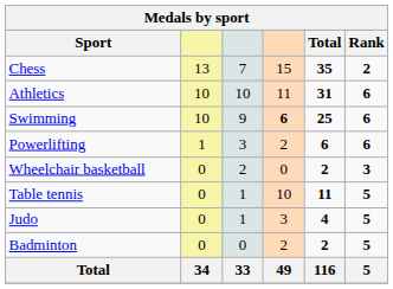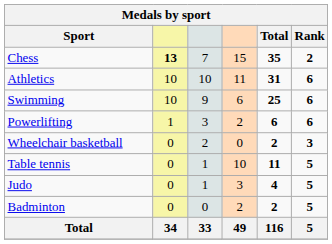 <table class="wikitable" style=font-size:85%;float:center;text-align:center>
 <tr>
 <th colspan=6><strong>Medals by sport</strong></th>
 </tr>
 <tr>
 <th width=150>Sport</th>
 <th scope="col" width=30 style="background:#F7F6A8;"></th>
 <th scope="col" width=30 style="background:#DCE5E5;"></th>
 <th scope="col" width=30 style="background:#FFDAB9;"></th>
 <th width=30>Total</th>
 <th width=30>Rank</th>
 </tr>
 <tr>
 <td align=left><a href='#'>Chess</a></td>
-<td style="background:#F7F6A8;">13</td>
+<td style="background:#F7F6A8;"><strong>13</strong></td>
 <td style="background:#DCE5E5;">7</td>
 <td style="background:#FFDAB9;">15</td>
 <td><strong>35</strong></td>
 <td><strong>2</strong></td>
 </tr>
 <tr>
 <td align=left><a href='#'>Athletics</a></td>
 <td style="background:#F7F6A8;">10</td>
 <td style="background:#DCE5E5;">10</td>
 <td style="background:#FFDAB9;">11</td>
 <td><strong>31</strong></td>
 <td><strong>6</strong></td>
 </tr>
 <tr>
 <td align=left><a href='#'>Swimming</a></td>
 <td style="background:#F7F6A8;">10</td>
 <td style="background:#DCE5E5;">9</td>
-<td style="background:#FFDAB9;"><strong>6</strong></td>
+<td style="background:#FFDAB9;">6</td>
 <td><strong>25</strong></td>
 <td><strong>6</strong></td>
 </tr>
 <tr>
 <td align=left><a href='#'>Powerlifting</a></td>
 <td style="background:#F7F6A8;">1</td>
 <td style="background:#DCE5E5;">3</td>
 <td style="background:#FFDAB9;">2</td>
 <td><strong>6</strong></td>
 <td><strong>6</strong></td>
 </tr>
 <tr>
 <td align=left><a href='#'>Wheelchair basketball</a></td>
 <td style="background:#F7F6A8;">0</td>
 <td style="background:#DCE5E5;">2</td>
 <td style="background:#FFDAB9;">0</td>
 <td><strong>2</strong></td>
 <td><strong>3</strong></td>
 </tr>
 <tr>
 <td align=left><a href='#'>Table tennis</a></td>
 <td style="background:#F7F6A8;">0</td>
 <td style="background:#DCE5E5;">1</td>
 <td style="background:#FFDAB9;">10</td>
 <td><strong>11</strong></td>
 <td><strong>5</strong></td>
 </tr>
 <tr>
 <td align=left><a href='#'>Judo</a></td>
 <td style="background:#F7F6A8;">0</td>
 <td style="background:#DCE5E5;">1</td>
 <td style="background:#FFDAB9;">3</td>
 <td><strong>4</strong></td>
 <td><strong>5</strong></td>
 </tr>
 <tr>
 <td align=left><a href='#'>Badminton</a></td>
 <td style="background:#F7F6A8;">0</td>
 <td style="background:#DCE5E5;">0</td>
 <td style="background:#FFDAB9;">2</td>
 <td><strong>2</strong></td>
 <td><strong>5</strong></td>
 </tr>
 <tr>
 <th colspan="1">Total</th>
 <th>34</th>
 <th>33</th>
 <th>49</th>
 <th>116</th>
 <th>5</th>
 </tr>
 <tr>
 </tr>
 </table>
